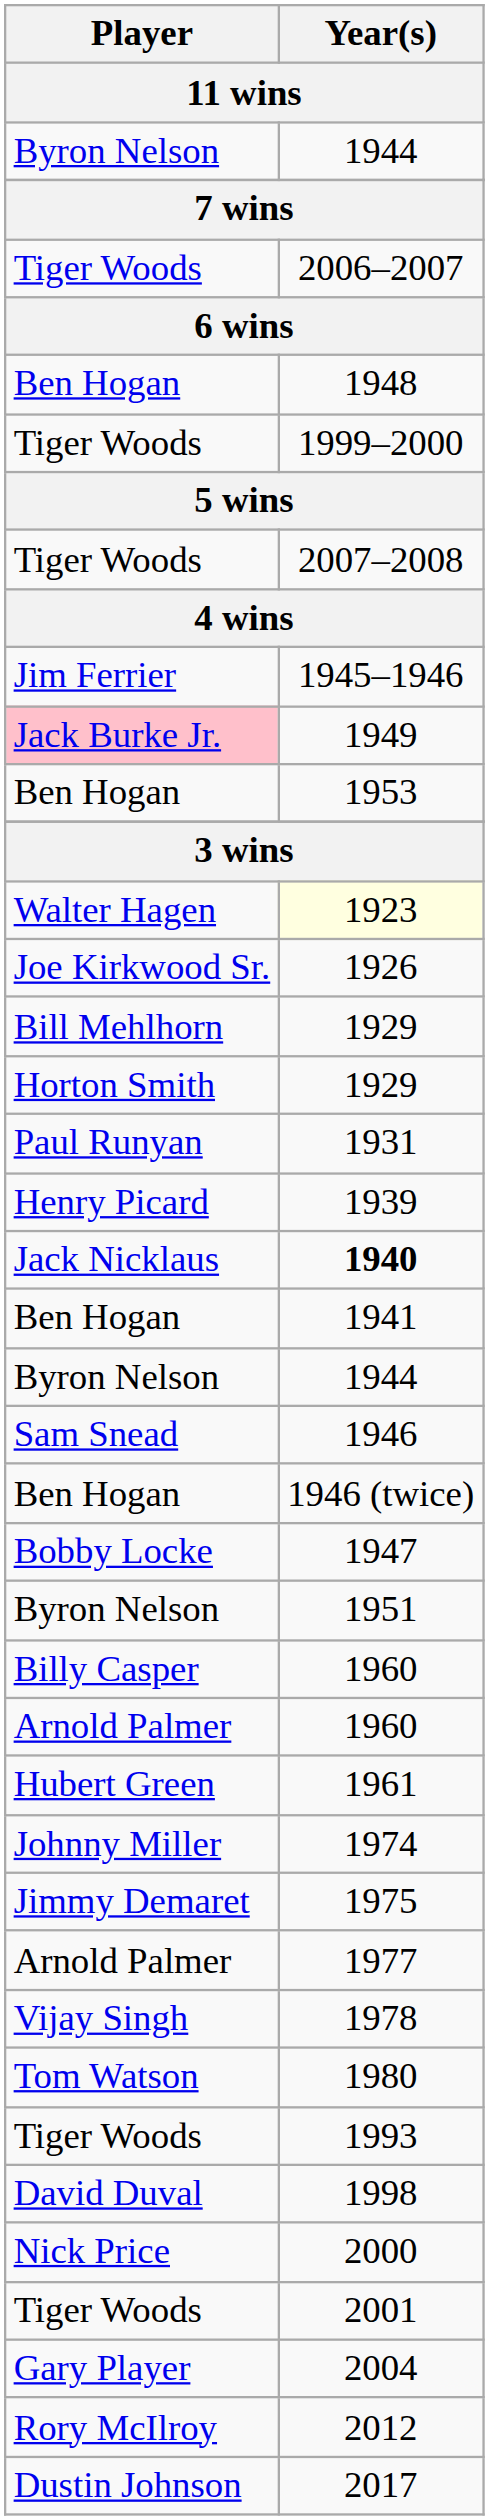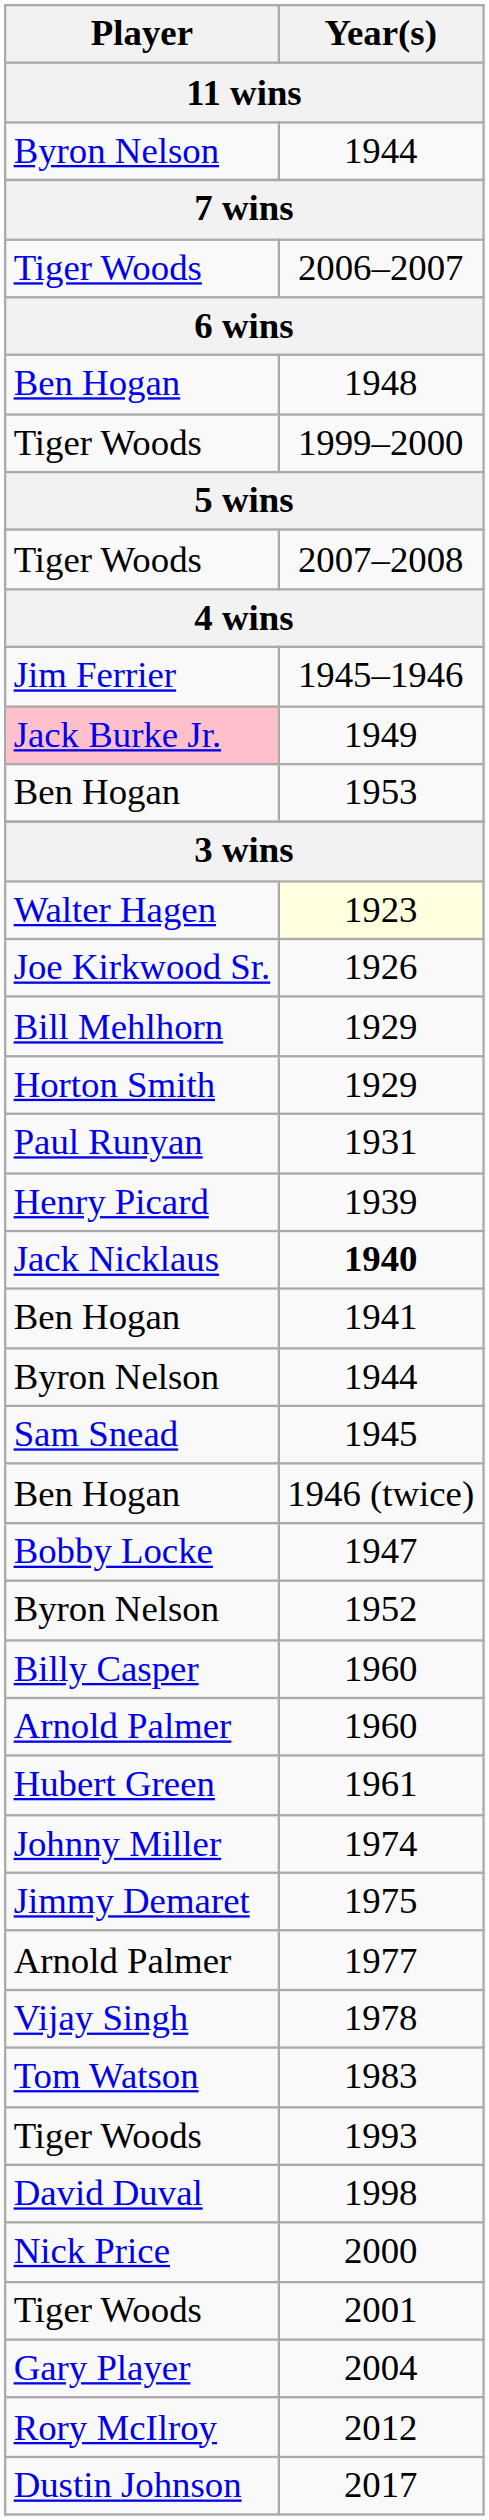 <table class=wikitable>
 <tr>
 <th>Player</th>
 <th>Year(s)</th>
 </tr>
 <tr>
 <th colspan=2>11 wins</th>
 </tr>
 <tr>
 <td align=left> <a href='#'>Byron Nelson</a></td>
 <td align=center>1944</td>
 </tr>
 <tr>
 </tr>
 <tr>
 <th colspan=2>7 wins</th>
 </tr>
 <tr>
 <td align=left> <a href='#'>Tiger Woods</a></td>
 <td align=center>2006–2007</td>
 </tr>
 <tr>
 <th colspan=2>6 wins</th>
 </tr>
 <tr>
 <td align=left> <a href='#'>Ben Hogan</a></td>
 <td align=center>1948</td>
 </tr>
 <tr>
 <td align=left> Tiger Woods</td>
 <td align=center>1999–2000</td>
 </tr>
 <tr>
 <th colspan=2>5 wins</th>
 </tr>
 <tr>
 <td align=left> Tiger Woods</td>
 <td align=center>2007–2008</td>
 </tr>
 <tr>
 <th colspan=2>4 wins</th>
 </tr>
 <tr>
 <td align=left> <a href='#'>Jim Ferrier</a></td>
 <td align=center>1945–1946</td>
 </tr>
 <tr>
 <td align=left style="background: pink;"> <a href='#'>Jack Burke Jr.</a></td>
 <td align=center>1949</td>
 </tr>
 <tr>
 <td align=left> Ben Hogan</td>
 <td align=center>1953</td>
 </tr>
 <tr>
 </tr>
 <tr>
 <th colspan=2>3 wins</th>
 </tr>
 <tr>
 <td align=left> <a href='#'>Walter Hagen</a></td>
 <td align=center style="background: lightyellow;">1923</td>
 </tr>
 <tr>
 <td align=left> <a href='#'>Joe Kirkwood Sr.</a></td>
 <td align=center>1926</td>
 </tr>
 <tr>
 <td align=left> <a href='#'>Bill Mehlhorn</a></td>
 <td align=center>1929</td>
 </tr>
 <tr>
 <td align=left> <a href='#'>Horton Smith</a></td>
 <td align=center>1929</td>
 </tr>
 <tr>
 <td align=left> <a href='#'>Paul Runyan</a></td>
 <td align=center>1931</td>
 </tr>
 <tr>
 <td align=left> <a href='#'>Henry Picard</a></td>
 <td align=center>1939</td>
 </tr>
 <tr>
 <td align=left> <a href='#'>Jack Nicklaus</a></td>
 <td align=center><strong>1940</strong></td>
 </tr>
 <tr>
 <td align=left> Ben Hogan</td>
 <td align=center>1941</td>
 </tr>
 <tr>
 <td align=left> Byron Nelson</td>
 <td align=center>1944</td>
 </tr>
 <tr>
 <td align=left> <a href='#'>Sam Snead</a></td>
-<td align=center>1946</td>
+<td align=center>1945</td>
 </tr>
 <tr>
 <td align=left> Ben Hogan</td>
 <td align=center>1946 (twice)</td>
 </tr>
 <tr>
 <td align=left> <a href='#'>Bobby Locke</a></td>
 <td align=center>1947</td>
 </tr>
 <tr>
 <td align=left> Byron Nelson</td>
-<td align=center>1951</td>
+<td align=center>1952</td>
 </tr>
 <tr>
 <td align=left> <a href='#'>Billy Casper</a></td>
 <td align=center>1960</td>
 </tr>
 <tr>
 <td align=left> <a href='#'>Arnold Palmer</a></td>
 <td align=center>1960</td>
 </tr>
 <tr>
 <td align=left> <a href='#'>Hubert Green</a></td>
 <td align=center>1961</td>
 </tr>
 <tr>
 <td align=left> <a href='#'>Johnny Miller</a></td>
 <td align=center>1974</td>
 </tr>
 <tr>
 <td align=left> <a href='#'>Jimmy Demaret</a></td>
 <td align=center>1975</td>
 </tr>
 <tr>
 <td align=left> Arnold Palmer</td>
 <td align=center>1977</td>
 </tr>
 <tr>
 <td align=left> <a href='#'>Vijay Singh</a></td>
 <td align=center>1978</td>
 </tr>
 <tr>
 <td align=left> <a href='#'>Tom Watson</a></td>
-<td align=center>1980</td>
+<td align=center>1983</td>
 </tr>
 <tr>
 <td align=left> Tiger Woods</td>
 <td align=center>1993</td>
 </tr>
 <tr>
 <td align=left> <a href='#'>David Duval</a></td>
 <td align=center>1998</td>
 </tr>
 <tr>
 <td align=left> <a href='#'>Nick Price</a></td>
 <td align=center>2000</td>
 </tr>
 <tr>
 <td align=left> Tiger Woods</td>
 <td align=center>2001</td>
 </tr>
 <tr>
 <td align=left> <a href='#'>Gary Player</a></td>
 <td align=center>2004</td>
 </tr>
 <tr>
 <td align=left> <a href='#'>Rory McIlroy</a></td>
 <td align=center>2012</td>
 </tr>
 <tr>
 <td align=left> <a href='#'>Dustin Johnson</a></td>
 <td align=center>2017</td>
 </tr>
 </table>
